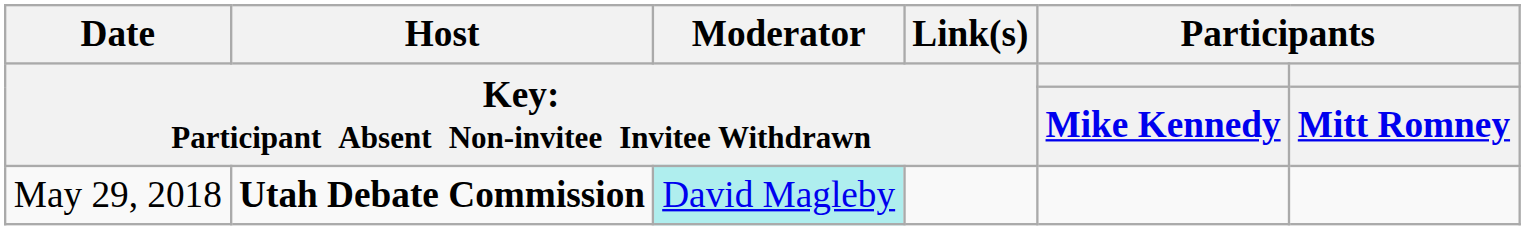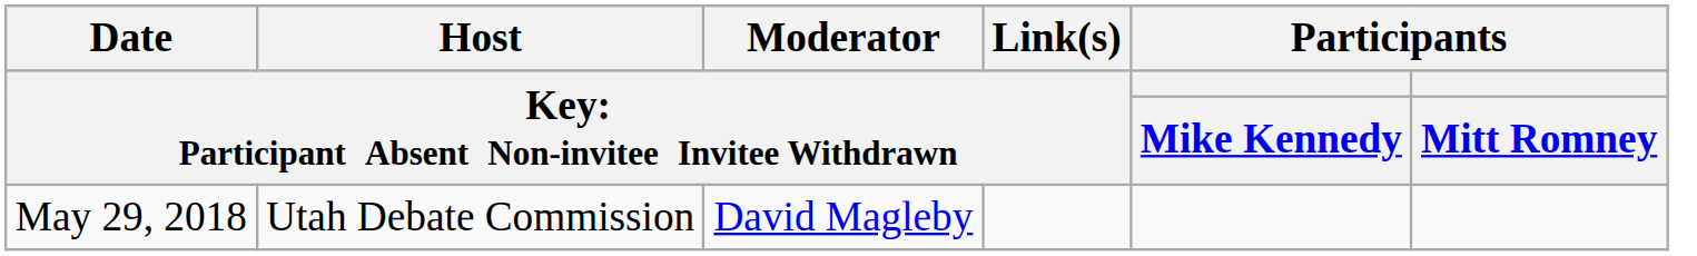 <table class="wikitable" style="text-align:center">
 <tr>
 <th scope="col">Date</th>
 <th scope="col">Host</th>
 <th scope="col">Moderator</th>
 <th scope="col">Link(s)</th>
 <th colspan="2" scope="col">Participants</th>
 </tr>
 <tr>
 <th colspan="4" rowspan="2">Key:<br> <small>Participant </small>  <small>Absent </small>  <small>Non-invitee </small>  <small>Invitee  Withdrawn</small></th>
 <th scope="col" style="background:"></th>
 <th scope="col" style="background:"></th>
 </tr>
 <tr>
 <th scope="col"><a href='#'>Mike Kennedy</a></th>
 <th scope="col"><a href='#'>Mitt Romney</a></th>
 </tr>
 <tr>
 <td style="white-space:nowrap;">May 29, 2018</td>
-<td style="white-space:nowrap;"><strong>Utah Debate Commission</strong></td>
-<td style="background: paleturquoise; white-space:nowrap;"><a href='#'>David Magleby</a></td>
+<td style="white-space:nowrap;">Utah Debate Commission</td>
+<td style="white-space:nowrap;"><a href='#'>David Magleby</a></td>
 <td style="white-space:nowrap;"></td>
 <td></td>
 <td></td>
 </tr>
 </table>
